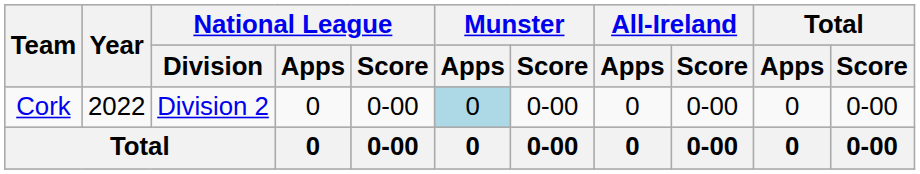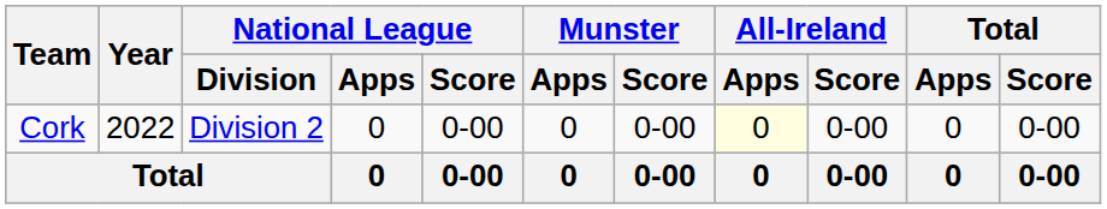 <table class="wikitable" style="text-align:center">
 <tr>
 <th rowspan="2">Team</th>
 <th rowspan="2">Year</th>
 <th colspan="3"><a href='#'>National League</a></th>
 <th colspan="2"><a href='#'>Munster</a></th>
 <th colspan="2"><a href='#'>All-Ireland</a></th>
 <th colspan="2">Total</th>
 </tr>
 <tr>
 <th>Division</th>
 <th>Apps</th>
 <th>Score</th>
 <th>Apps</th>
 <th>Score</th>
 <th>Apps</th>
 <th>Score</th>
 <th>Apps</th>
 <th>Score</th>
 </tr>
 <tr>
 <td rowspan="1"><a href='#'>Cork</a></td>
 <td>2022</td>
 <td rowspan="1"><a href='#'>Division 2</a></td>
 <td>0</td>
 <td>0-00</td>
-<td style="background: lightblue;">0</td>
+<td>0</td>
 <td>0-00</td>
-<td>0</td>
+<td style="background: lightyellow;">0</td>
 <td>0-00</td>
 <td>0</td>
 <td>0-00</td>
 </tr>
 <tr>
 <th colspan="3">Total</th>
 <th>0</th>
 <th>0-00</th>
 <th>0</th>
 <th>0-00</th>
 <th>0</th>
 <th>0-00</th>
 <th>0</th>
 <th>0-00</th>
 </tr>
 </table>
